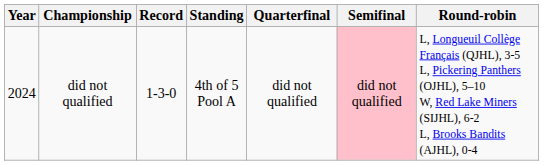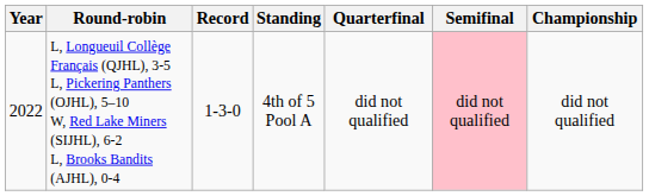 <table class="wikitable" style="text-align:center;">
 <tr>
 <th>Year</th>
-<th>Championship</th>
+<th>Round-robin</th>
 <th>Record</th>
 <th>Standing</th>
 <th>Quarterfinal</th>
 <th>Semifinal</th>
-<th>Round-robin</th>
+<th>Championship</th>
 </tr>
 <tr>
-<td>2024</td>
-<td>did not qualified</td>
+<td>2022</td>
+<td align=left><small>L, <a href='#'>Longueuil Collège Français</a> (QJHL), 3-5<br>L, <a href='#'>Pickering Panthers</a> (OJHL), 5–10<br>W, <a href='#'>Red Lake Miners</a> (SIJHL), 6-2<br>L, <a href='#'>Brooks Bandits</a> (AJHL), 0-4</small></td>
 <td>1-3-0</td>
 <td>4th of 5 <br>Pool A</td>
 <td>did not qualified</td>
 <td style="background: pink;">did not qualified</td>
-<td align=left><small>L, <a href='#'>Longueuil Collège Français</a> (QJHL), 3-5<br>L, <a href='#'>Pickering Panthers</a> (OJHL), 5–10<br>W, <a href='#'>Red Lake Miners</a> (SIJHL), 6-2<br>L, <a href='#'>Brooks Bandits</a> (AJHL), 0-4</small></td>
+<td>did not qualified</td>
 </tr>
 </table>
